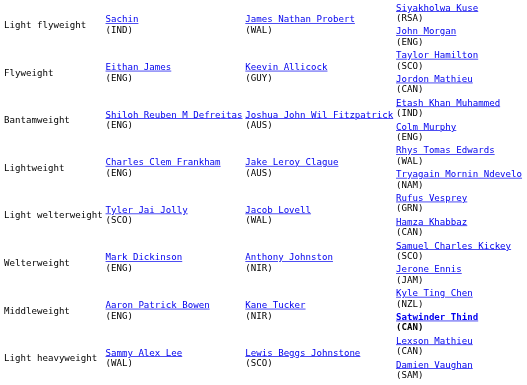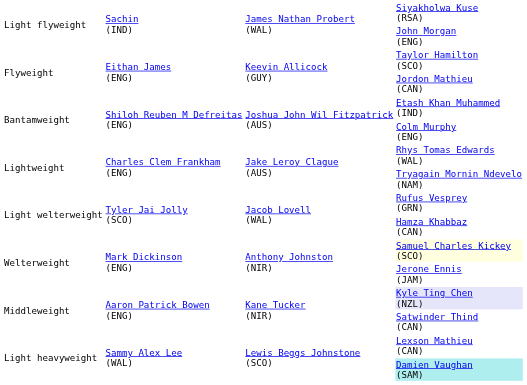 <table>
 <tr>
 <td rowspan=2>Light flyweight</td>
 <td rowspan=2><a href='#'>Sachin</a><br> (IND)</td>
 <td rowspan=2><a href='#'>James Nathan Probert</a><br> (WAL)</td>
 <td><a href='#'>Siyakholwa Kuse</a><br> (RSA)</td>
 </tr>
 <tr>
 <td><a href='#'>John Morgan</a><br> (ENG)</td>
 </tr>
 <tr>
 <td rowspan=2>Flyweight</td>
 <td rowspan=2><a href='#'>Eithan James</a><br> (ENG)</td>
 <td rowspan=2><a href='#'>Keevin Allicock</a><br> (GUY)</td>
 <td><a href='#'>Taylor Hamilton</a><br> (SCO)</td>
 </tr>
 <tr>
 <td><a href='#'>Jordon Mathieu</a><br> (CAN)</td>
 </tr>
 <tr>
 <td rowspan=2>Bantamweight</td>
 <td rowspan=2><a href='#'>Shiloh Reuben M Defreitas</a><br> (ENG)</td>
 <td rowspan=2><a href='#'>Joshua John Wil Fitzpatrick</a><br> (AUS)</td>
 <td><a href='#'>Etash Khan Muhammed</a><br> (IND)</td>
 </tr>
 <tr>
 <td><a href='#'>Colm Murphy</a><br> (ENG)</td>
 </tr>
 <tr>
 <td rowspan=2>Lightweight</td>
 <td rowspan=2><a href='#'>Charles Clem Frankham</a><br> (ENG)</td>
 <td rowspan=2><a href='#'>Jake Leroy Clague</a><br> (AUS)</td>
 <td><a href='#'>Rhys Tomas Edwards</a><br> (WAL)</td>
 </tr>
 <tr>
 <td><a href='#'>Tryagain Mornin Ndevelo</a><br> (NAM)</td>
 </tr>
 <tr>
 <td rowspan=2>Light welterweight</td>
 <td rowspan=2><a href='#'>Tyler Jai Jolly</a><br> (SCO)</td>
 <td rowspan=2><a href='#'>Jacob Lovell</a><br> (WAL)</td>
 <td><a href='#'>Rufus Vesprey</a><br> (GRN)</td>
 </tr>
 <tr>
 <td><a href='#'>Hamza Khabbaz</a><br> (CAN)</td>
 </tr>
 <tr>
 <td rowspan=2>Welterweight</td>
 <td rowspan=2><a href='#'>Mark Dickinson</a><br> (ENG)</td>
 <td rowspan=2><a href='#'>Anthony Johnston</a><br> (NIR)</td>
-<td><a href='#'>Samuel Charles Kickey</a><br> (SCO)</td>
+<td style="background: lightyellow;"><a href='#'>Samuel Charles Kickey</a><br> (SCO)</td>
 </tr>
 <tr>
 <td><a href='#'>Jerone Ennis</a><br> (JAM)</td>
 </tr>
 <tr>
 <td rowspan=2>Middleweight</td>
 <td rowspan=2><a href='#'>Aaron Patrick Bowen</a><br> (ENG)</td>
 <td rowspan=2><a href='#'>Kane Tucker</a><br> (NIR)</td>
-<td><a href='#'>Kyle Ting Chen</a><br> (NZL)</td>
+<td style="background: lavender;"><a href='#'>Kyle Ting Chen</a><br> (NZL)</td>
 </tr>
 <tr>
-<td><strong><a href='#'>Satwinder Thind</a><br> (CAN)</strong></td>
+<td><a href='#'>Satwinder Thind</a><br> (CAN)</td>
 </tr>
 <tr>
 <td rowspan=2>Light heavyweight</td>
 <td rowspan=2><a href='#'>Sammy Alex Lee</a><br> (WAL)</td>
 <td rowspan=2><a href='#'>Lewis Beggs Johnstone</a><br> (SCO)</td>
 <td><a href='#'>Lexson Mathieu</a><br> (CAN)</td>
 </tr>
 <tr>
-<td><a href='#'>Damien Vaughan</a><br> (SAM)</td>
+<td style="background: paleturquoise;"><a href='#'>Damien Vaughan</a><br> (SAM)</td>
 </tr>
 </table>
